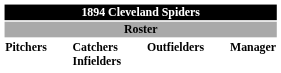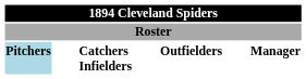 <table class="toccolours" style="font-size: 95%;">
 <tr>
 <th colspan="10" style="background-color: #000000; color: #FFFFFF; text-align: center;">1894 Cleveland Spiders</th>
 </tr>
 <tr>
 <td colspan="10" style="background-color: #A9A9A9; color: #000000; text-align: center;"><strong>Roster</strong></td>
 </tr>
 <tr>
-<td valign="top"><strong>Pitchers</strong><br>           </td>
+<td valign="top" style="background: lightblue;"><strong>Pitchers</strong><br>           </td>
 <td width="25px"></td>
 <td valign="top"><strong>Catchers</strong><br>  <strong>Infielders</strong>    </td>
 <td width="25px"></td>
 <td valign="top"><strong>Outfielders</strong><br>     </td>
 <td width="25px"></td>
 <td valign="top"><strong>Manager</strong><br></td>
 </tr>
 </table>
